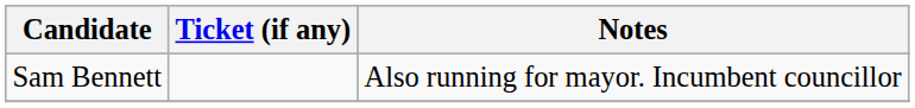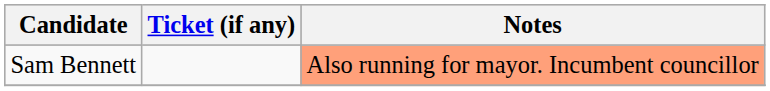 <table class="wikitable" style="font-size: 95%">
 <tr>
 <th>Candidate</th>
 <th><a href='#'>Ticket</a> (if any)</th>
 <th>Notes</th>
 </tr>
 <tr>
 <td>Sam Bennett</td>
 <td></td>
-<td>Also running for mayor. Incumbent councillor</td>
+<td style="background: lightsalmon;">Also running for mayor. Incumbent councillor</td>
 </tr>
 <tr>
 </tr>
 </table>
